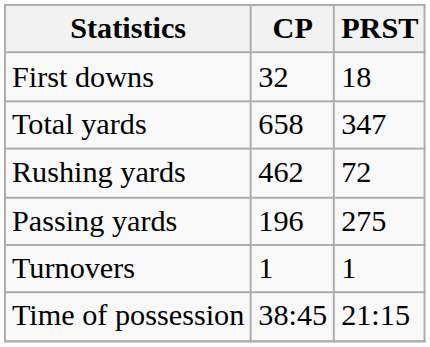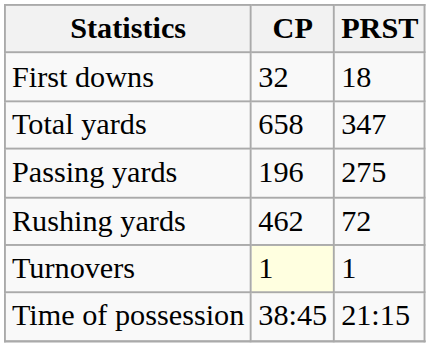 <table class="wikitable">
 <tr>
 <th>Statistics</th>
 <th>CP</th>
 <th>PRST</th>
 </tr>
 <tr>
 <td>First downs</td>
 <td>32</td>
 <td>18</td>
 </tr>
 <tr>
 <td>Total yards</td>
 <td>658</td>
 <td>347</td>
 </tr>
 <tr>
+<td>Passing yards</td>
+<td>196</td>
+<td>275</td>
+</tr>
+<tr>
 <td>Rushing yards</td>
 <td>462</td>
 <td>72</td>
 </tr>
 <tr>
-<td>Passing yards</td>
-<td>196</td>
-<td>275</td>
-</tr>
-<tr>
 <td>Turnovers</td>
-<td>1</td>
+<td style="background: lightyellow;">1</td>
 <td>1</td>
 </tr>
 <tr>
 <td>Time of possession</td>
 <td>38:45</td>
 <td>21:15</td>
 </tr>
 <tr>
 </tr>
 </table>
